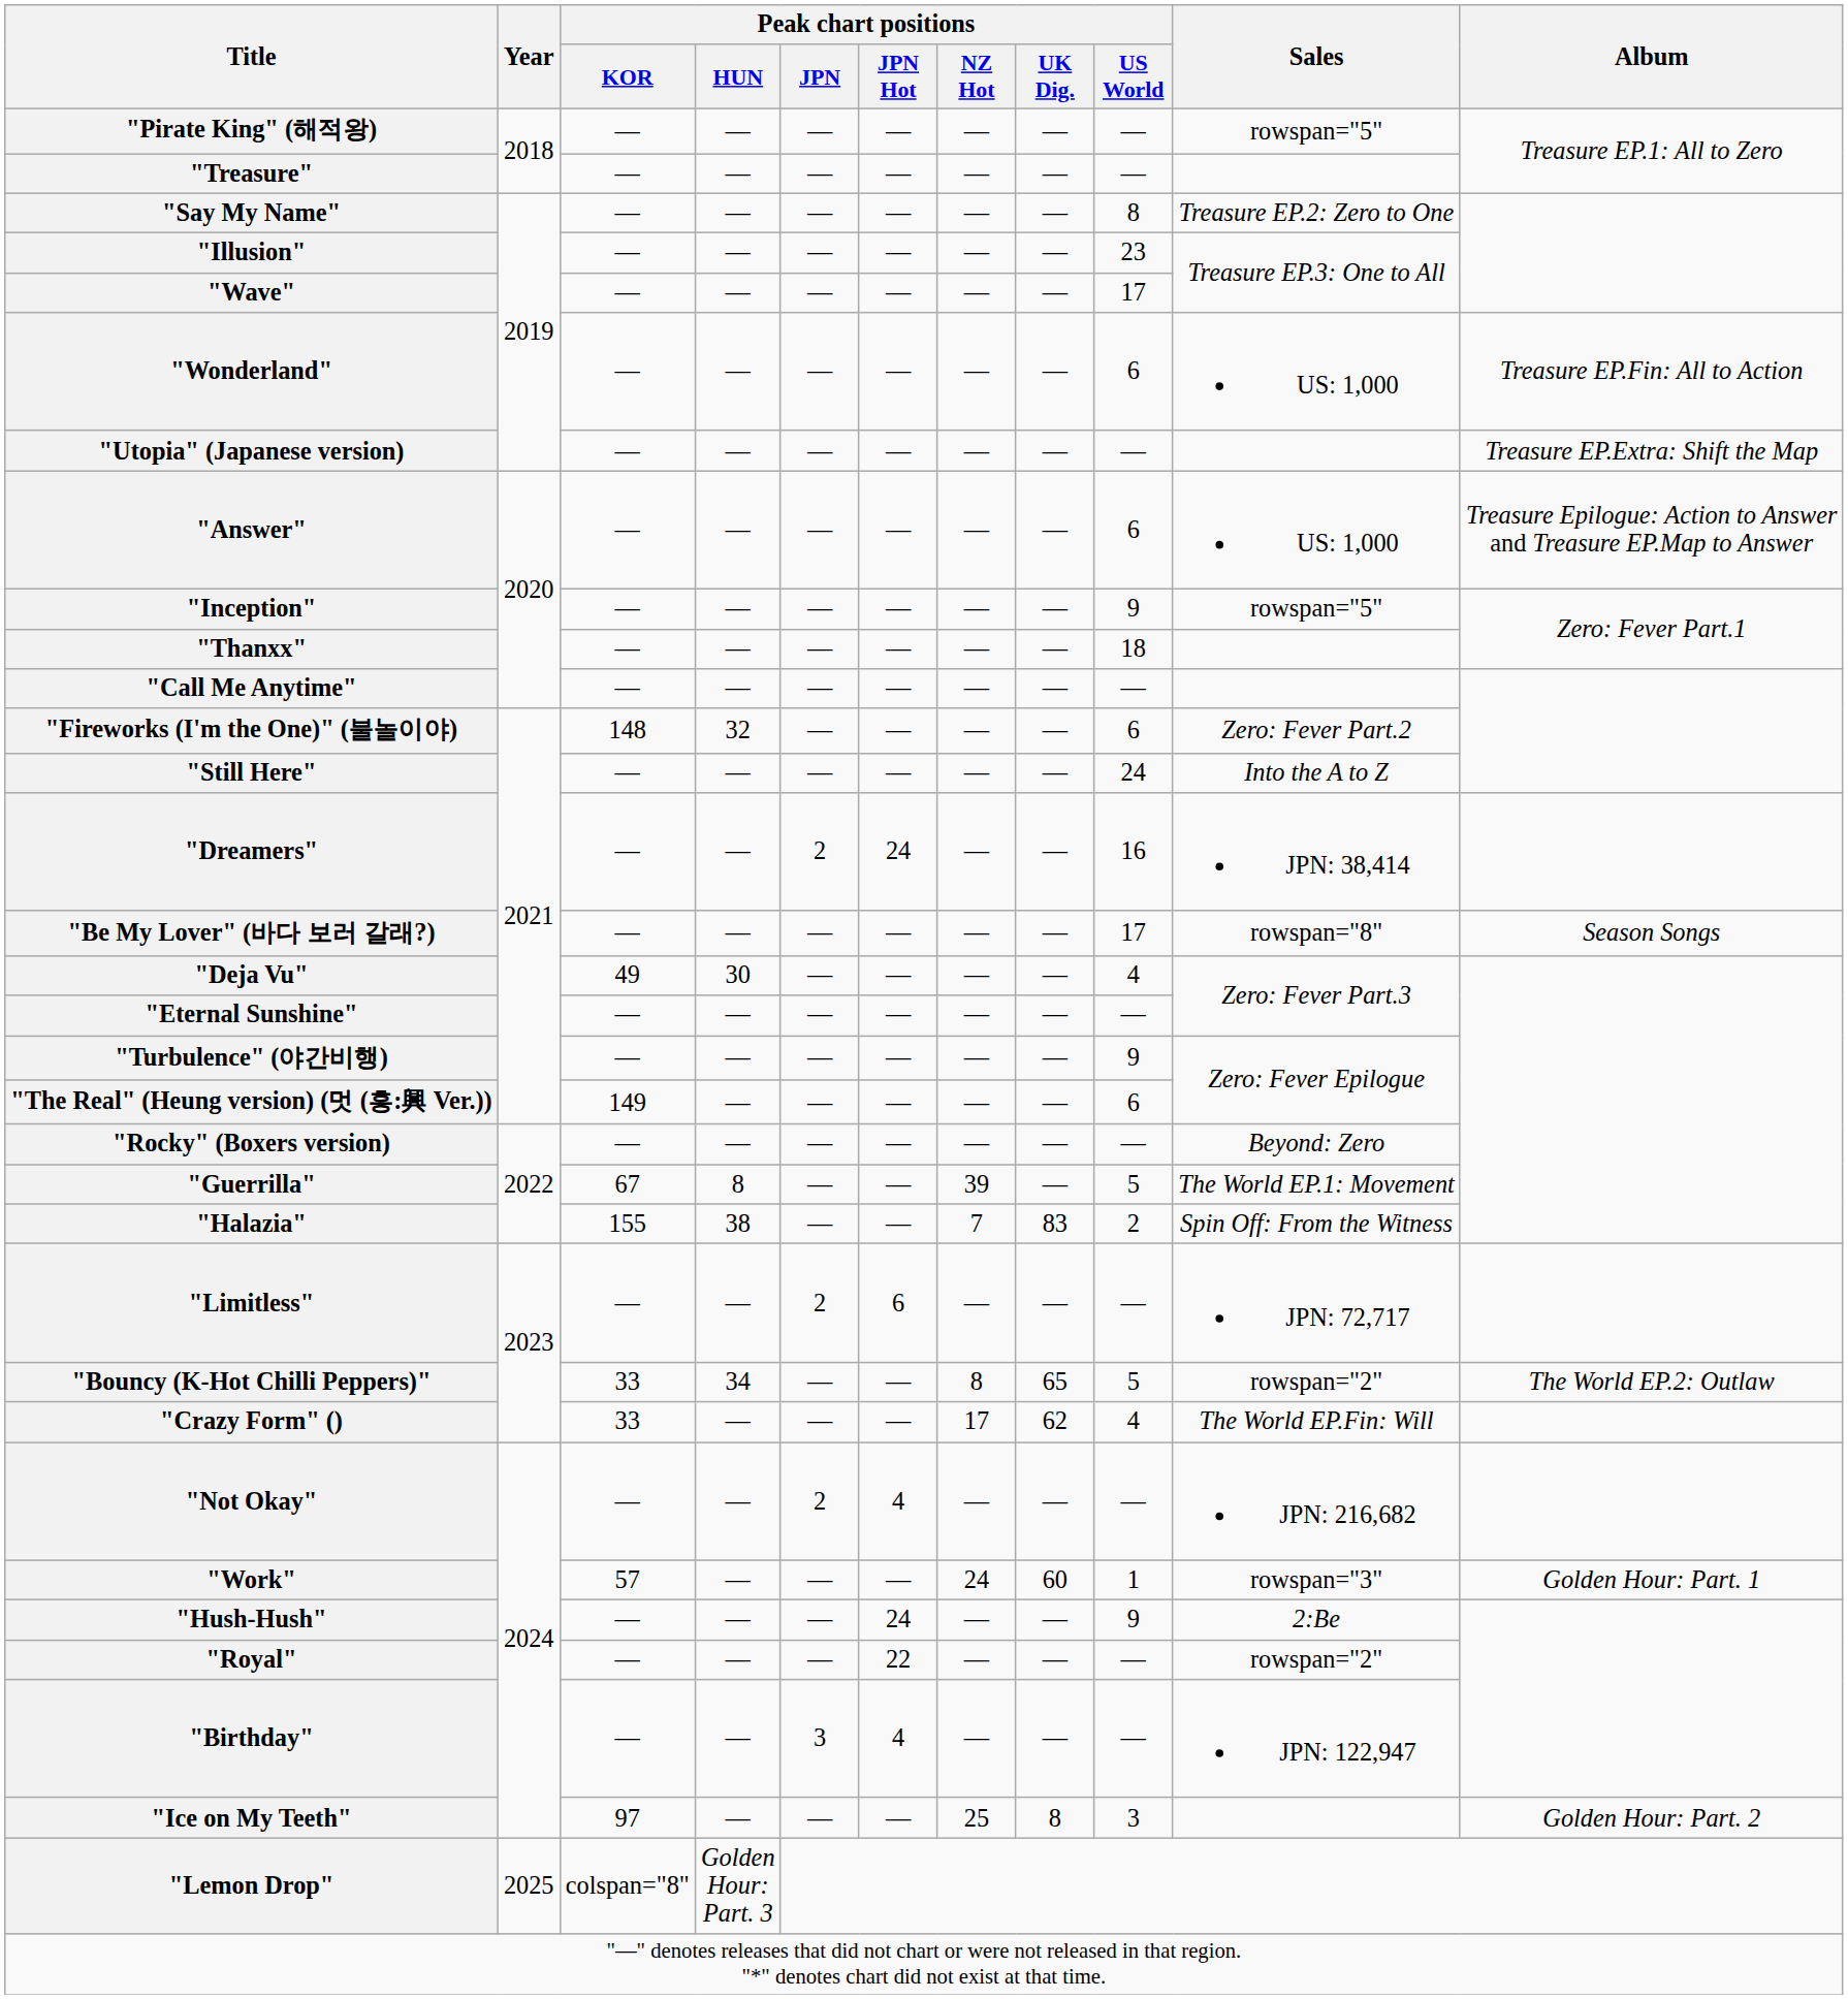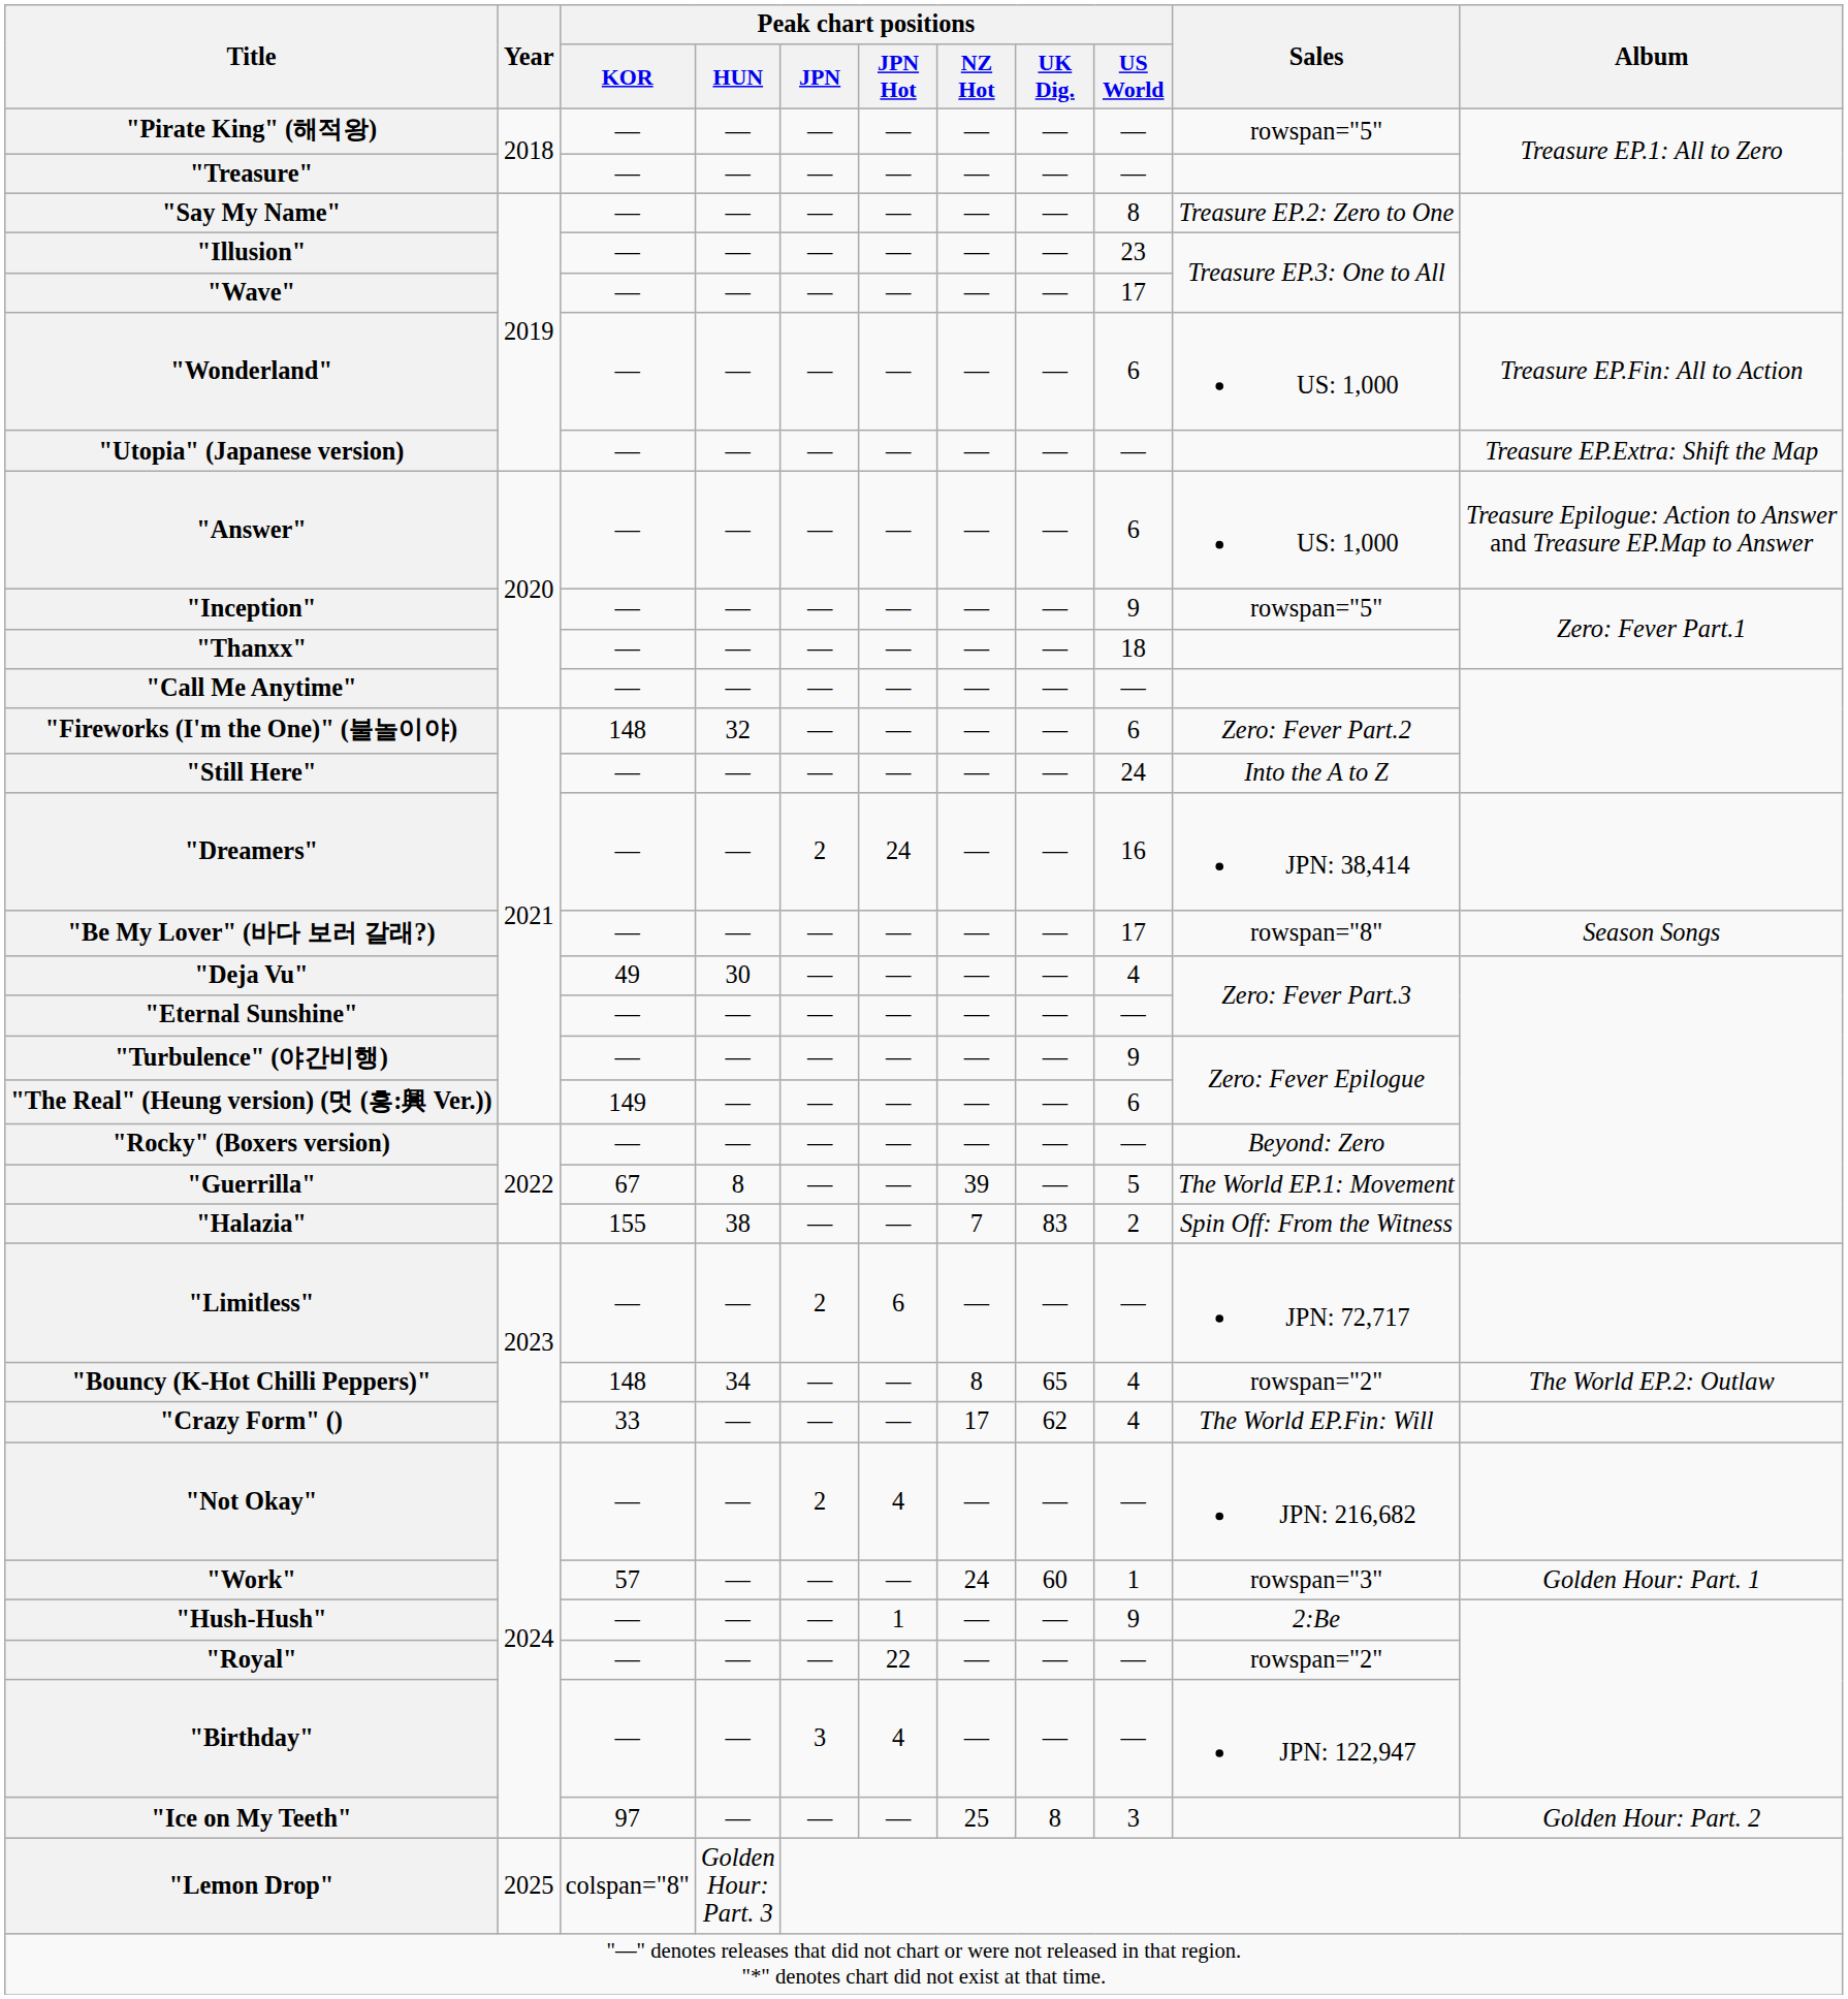 <table class="wikitable plainrowheaders" style="text-align:center;">
 <tr>
 <th scope="col" rowspan="2">Title</th>
 <th scope="col" rowspan="2">Year</th>
 <th scope="col" colspan="7">Peak chart positions</th>
 <th scope="col" rowspan="2">Sales</th>
 <th scope="col" rowspan="2">Album</th>
 </tr>
 <tr>
 <th scope="col" style="width:3em;font-size:90%;"><a href='#'>KOR</a><br></th>
 <th scope="col" style="width:3em;font-size:90%;"><a href='#'>HUN</a><br></th>
 <th scope="col" style="width:3em;font-size:90%;"><a href='#'>JPN</a><br></th>
 <th scope="col" style="width:3em;font-size:90%;"><a href='#'>JPN<br>Hot</a><br></th>
 <th scope="col" style="width:3em;font-size:90%;"><a href='#'>NZ<br>Hot</a><br></th>
 <th scope="col" style="width:3em;font-size:90%;"><a href='#'>UK<br>Dig.</a><br></th>
 <th scope="col" style="width:3em;font-size:90%;"><a href='#'>US<br>World</a><br></th>
 </tr>
 <tr>
 <th scope="row">"Pirate King" (해적왕)</th>
 <td rowspan="2">2018</td>
 <td>—</td>
 <td>—</td>
 <td>—</td>
 <td>—</td>
 <td>—</td>
 <td>—</td>
 <td>—</td>
 <td>rowspan="5" </td>
 <td rowspan="2"><em>Treasure EP.1: All to Zero</em></td>
 </tr>
 <tr>
 <th scope="row">"Treasure"</th>
 <td>—</td>
 <td>—</td>
 <td>—</td>
 <td>—</td>
 <td>—</td>
 <td>—</td>
 <td>—</td>
 </tr>
 <tr>
 <th scope="row">"Say My Name"</th>
 <td rowspan="5">2019</td>
 <td>—</td>
 <td>—</td>
 <td>—</td>
 <td>—</td>
 <td>—</td>
 <td>—</td>
 <td>8</td>
 <td><em>Treasure EP.2: Zero to One</em></td>
 </tr>
 <tr>
 <th scope="row">"Illusion"</th>
 <td>—</td>
 <td>—</td>
 <td>—</td>
 <td>—</td>
 <td>—</td>
 <td>—</td>
 <td>23</td>
 <td rowspan="2"><em>Treasure EP.3: One to All</em></td>
 </tr>
 <tr>
 <th scope="row">"Wave"</th>
 <td>—</td>
 <td>—</td>
 <td>—</td>
 <td>—</td>
 <td>—</td>
 <td>—</td>
 <td>17</td>
 </tr>
 <tr>
 <th scope="row">"Wonderland"</th>
 <td>—</td>
 <td>—</td>
 <td>—</td>
 <td>—</td>
 <td>—</td>
 <td>—</td>
 <td>6</td>
 <td><br><ul><li>US: 1,000</li></ul></td>
 <td><em>Treasure EP.Fin: All to Action</em></td>
 </tr>
 <tr>
 <th scope="row">"Utopia" (Japanese version)</th>
 <td>—</td>
 <td>—</td>
 <td>—</td>
 <td>—</td>
 <td>—</td>
 <td>—</td>
 <td>—</td>
 <td></td>
 <td><em>Treasure EP.Extra: Shift the Map</em></td>
 </tr>
 <tr>
 <th scope="row">"Answer"</th>
 <td rowspan="4">2020</td>
 <td>—</td>
 <td>—</td>
 <td>—</td>
 <td>—</td>
 <td>—</td>
 <td>—</td>
 <td>6</td>
 <td><br><ul><li>US: 1,000</li></ul></td>
 <td><em>Treasure Epilogue: Action to Answer</em><br>and <em>Treasure EP.Map to Answer</em></td>
 </tr>
 <tr>
 <th scope="row">"Inception"</th>
 <td>—</td>
 <td>—</td>
 <td>—</td>
 <td>—</td>
 <td>—</td>
 <td>—</td>
 <td>9</td>
 <td>rowspan="5" </td>
 <td rowspan="2"><em>Zero: Fever Part.1</em></td>
 </tr>
 <tr>
 <th scope="row">"Thanxx"</th>
 <td>—</td>
 <td>—</td>
 <td>—</td>
 <td>—</td>
 <td>—</td>
 <td>—</td>
 <td>18</td>
 </tr>
 <tr>
 <th scope="row">"Call Me Anytime"<br></th>
 <td>—</td>
 <td>—</td>
 <td>—</td>
 <td>—</td>
 <td>—</td>
 <td>—</td>
 <td>—</td>
 <td></td>
 </tr>
 <tr>
 <th scope="row">"Fireworks (I'm the One)" (불놀이야)</th>
 <td rowspan="8">2021</td>
 <td>148</td>
 <td>32</td>
 <td>—</td>
 <td>—</td>
 <td>—</td>
 <td>—</td>
 <td>6</td>
 <td><em>Zero: Fever Part.2</em></td>
 </tr>
 <tr>
 <th scope="row">"Still Here"</th>
 <td>—</td>
 <td>—</td>
 <td>—</td>
 <td>—</td>
 <td>—</td>
 <td>—</td>
 <td>24</td>
 <td><em>Into the A to Z</em></td>
 </tr>
 <tr>
 <th scope="row">"Dreamers"</th>
 <td>—</td>
 <td>—</td>
 <td>2</td>
 <td>24</td>
 <td>—</td>
 <td>—</td>
 <td>16</td>
 <td><br><ul><li>JPN: 38,414 </li></ul></td>
 <td></td>
 </tr>
 <tr>
 <th scope="row">"Be My Lover" (바다 보러 갈래?)<br></th>
 <td>—</td>
 <td>—</td>
 <td>—</td>
 <td>—</td>
 <td>—</td>
 <td>—</td>
 <td>17</td>
 <td>rowspan="8" </td>
 <td><em>Season Songs</em></td>
 </tr>
 <tr>
 <th scope="row">"Deja Vu"</th>
 <td>49</td>
 <td>30</td>
 <td>—</td>
 <td>—</td>
 <td>—</td>
 <td>—</td>
 <td>4</td>
 <td rowspan="2"><em>Zero: Fever Part.3</em></td>
 </tr>
 <tr>
 <th scope="row">"Eternal Sunshine"</th>
 <td>—</td>
 <td>—</td>
 <td>—</td>
 <td>—</td>
 <td>—</td>
 <td>—</td>
 <td>—</td>
 </tr>
 <tr>
 <th scope="row">"Turbulence" (야간비행)</th>
 <td>—</td>
 <td>—</td>
 <td>—</td>
 <td>—</td>
 <td>—</td>
 <td>—</td>
 <td>9</td>
 <td rowspan="2"><em>Zero: Fever Epilogue</em></td>
 </tr>
 <tr>
 <th scope="row">"The Real" (Heung version) (멋 (흥:興 Ver.))</th>
 <td>149</td>
 <td>—</td>
 <td>—</td>
 <td>—</td>
 <td>—</td>
 <td>—</td>
 <td>6</td>
 </tr>
 <tr>
 <th scope="row">"Rocky"  (Boxers version)</th>
 <td rowspan="3">2022</td>
 <td>—</td>
 <td>—</td>
 <td>—</td>
 <td>—</td>
 <td>—</td>
 <td>—</td>
 <td>—</td>
 <td><em>Beyond: Zero</em></td>
 </tr>
 <tr>
 <th scope="row">"Guerrilla"</th>
 <td>67</td>
 <td>8</td>
 <td>—</td>
 <td>—</td>
 <td>39</td>
 <td>—</td>
 <td>5</td>
 <td><em>The World EP.1: Movement</em></td>
 </tr>
 <tr>
 <th scope="row">"Halazia"</th>
 <td>155</td>
 <td>38</td>
 <td>—</td>
 <td>—</td>
 <td>7</td>
 <td>83</td>
 <td>2</td>
 <td><em>Spin Off: From the Witness</em></td>
 </tr>
 <tr>
 <th scope="row">"Limitless"</th>
 <td rowspan="3">2023</td>
 <td>—</td>
 <td>—</td>
 <td>2</td>
 <td>6</td>
 <td>—</td>
 <td>—</td>
 <td>—</td>
 <td><br><ul><li>JPN: 72,717 </li></ul></td>
 <td></td>
 </tr>
 <tr>
 <th scope="row">"Bouncy (K-Hot Chilli Peppers)"</th>
-<td>33</td>
+<td>148</td>
 <td>34</td>
 <td>—</td>
 <td>—</td>
 <td>8</td>
 <td>65</td>
-<td>5</td>
+<td>4</td>
 <td>rowspan="2" </td>
 <td><em>The World EP.2: Outlaw</em></td>
 </tr>
 <tr>
 <th scope="row">"Crazy Form" ()</th>
 <td>33</td>
 <td>—</td>
 <td>—</td>
 <td>—</td>
 <td>17</td>
 <td>62</td>
 <td>4</td>
 <td><em>The World EP.Fin: Will</em></td>
 </tr>
 <tr>
 <th scope="row">"Not Okay"</th>
 <td rowspan="6">2024</td>
 <td>—</td>
 <td>—</td>
 <td>2</td>
 <td>4</td>
 <td>—</td>
 <td>—</td>
 <td>—</td>
 <td><br><ul><li>JPN: 216,682 </li></ul></td>
 <td></td>
 </tr>
 <tr>
 <th scope="row">"Work"</th>
 <td>57</td>
 <td>—</td>
 <td>—</td>
 <td>—</td>
 <td>24</td>
 <td>60</td>
 <td>1</td>
 <td>rowspan="3" </td>
 <td><em>Golden Hour: Part. 1</em></td>
 </tr>
 <tr>
 <th scope="row">"Hush-Hush"<br></th>
 <td>—</td>
 <td>—</td>
 <td>—</td>
-<td>24</td>
+<td>1</td>
 <td>—</td>
 <td>—</td>
 <td>9</td>
 <td><em>2:Be</em></td>
 </tr>
 <tr>
 <th scope="row">"Royal"<br></th>
 <td>—</td>
 <td>—</td>
 <td>—</td>
 <td>22</td>
 <td>—</td>
 <td>—</td>
 <td>—</td>
 <td>rowspan="2" </td>
 </tr>
 <tr>
 <th scope="row">"Birthday"</th>
 <td>—</td>
 <td>—</td>
 <td>3</td>
 <td>4</td>
 <td>—</td>
 <td>—</td>
 <td>—</td>
 <td><br><ul><li>JPN: 122,947 </li></ul></td>
 </tr>
 <tr>
 <th scope="row">"Ice on My Teeth"</th>
 <td>97</td>
 <td>—</td>
 <td>—</td>
 <td>—</td>
 <td>25</td>
 <td>8</td>
 <td>3</td>
 <td></td>
 <td><em>Golden Hour: Part. 2</em></td>
 </tr>
 <tr>
 <th scope="row">"Lemon Drop"</th>
 <td rowspan="1">2025</td>
 <td>colspan="8" </td>
 <td><em>Golden Hour: Part. 3</em></td>
 </tr>
 <tr>
 <td colspan="11" style="font-size:85%;">"—" denotes releases that did not chart or were not released in that region.<br>"*" denotes chart did not exist at that time.</td>
 </tr>
 </table>
